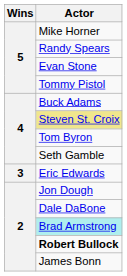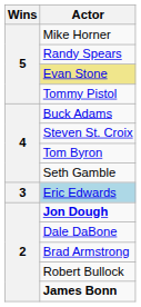 <table class="wikitable sortable">
 <tr>
 <th>Wins</th>
 <th>Actor</th>
 </tr>
 <tr>
 <th rowspan="4">5</th>
 <td>Mike Horner</td>
 </tr>
 <tr>
 <td><a href='#'>Randy Spears</a></td>
 </tr>
 <tr>
-<td><a href='#'>Evan Stone</a></td>
+<td style="background: khaki;"><a href='#'>Evan Stone</a></td>
 </tr>
 <tr>
 <td><a href='#'>Tommy Pistol</a></td>
 </tr>
 <tr>
 <th rowspan="4">4</th>
 <td><a href='#'>Buck Adams</a></td>
 </tr>
 <tr>
-<td style="background: khaki;"><a href='#'>Steven St. Croix</a></td>
+<td><a href='#'>Steven St. Croix</a></td>
 </tr>
 <tr>
 <td><a href='#'>Tom Byron</a></td>
 </tr>
 <tr>
 <td>Seth Gamble</td>
 </tr>
 <tr>
 <th>3</th>
-<td><a href='#'>Eric Edwards</a></td>
+<td style="background: lightblue;"><a href='#'>Eric Edwards</a></td>
 </tr>
 <tr>
 <th rowspan="5">2</th>
-<td><a href='#'>Jon Dough</a></td>
+<td><strong><a href='#'>Jon Dough</a></strong></td>
 </tr>
 <tr>
 <td><a href='#'>Dale DaBone</a></td>
 </tr>
 <tr>
-<td style="background: paleturquoise;"><a href='#'>Brad Armstrong</a></td>
+<td><a href='#'>Brad Armstrong</a></td>
 </tr>
 <tr>
-<td><strong>Robert Bullock</strong></td>
+<td>Robert Bullock</td>
 </tr>
 <tr>
-<td>James Bonn</td>
+<td><strong>James Bonn</strong></td>
 </tr>
 </table>
